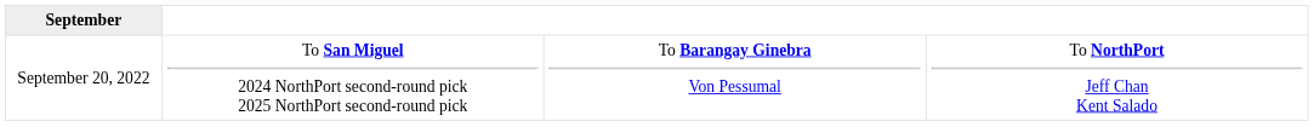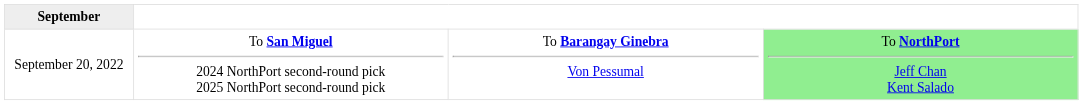 <table border=1 style="border-collapse:collapse; text-align: center; width: 100%" bordercolor="#DFDFDF"  cellpadding="5">
 <tr bgcolor="eeeeee">
 <th>September</th>
 </tr>
 <tr>
 <td style="width:12%">September 20, 2022</td>
 <td style="width:29.3%" valign="top">To <strong><a href='#'>San Miguel</a></strong><hr>2024 NorthPort second-round pick<br>2025 NorthPort second-round pick</td>
 <td style="width:29.3%" valign="top">To <strong><a href='#'>Barangay Ginebra</a></strong><hr><a href='#'>Von Pessumal</a></td>
-<td style="width:29.3%" valign="top">To <strong><a href='#'>NorthPort</a></strong><hr><a href='#'>Jeff Chan</a><br><a href='#'>Kent Salado</a></td>
+<td style="background: lightgreen; width:29.3%" valign="top">To <strong><a href='#'>NorthPort</a></strong><hr><a href='#'>Jeff Chan</a><br><a href='#'>Kent Salado</a></td>
 </tr>
 </table>
